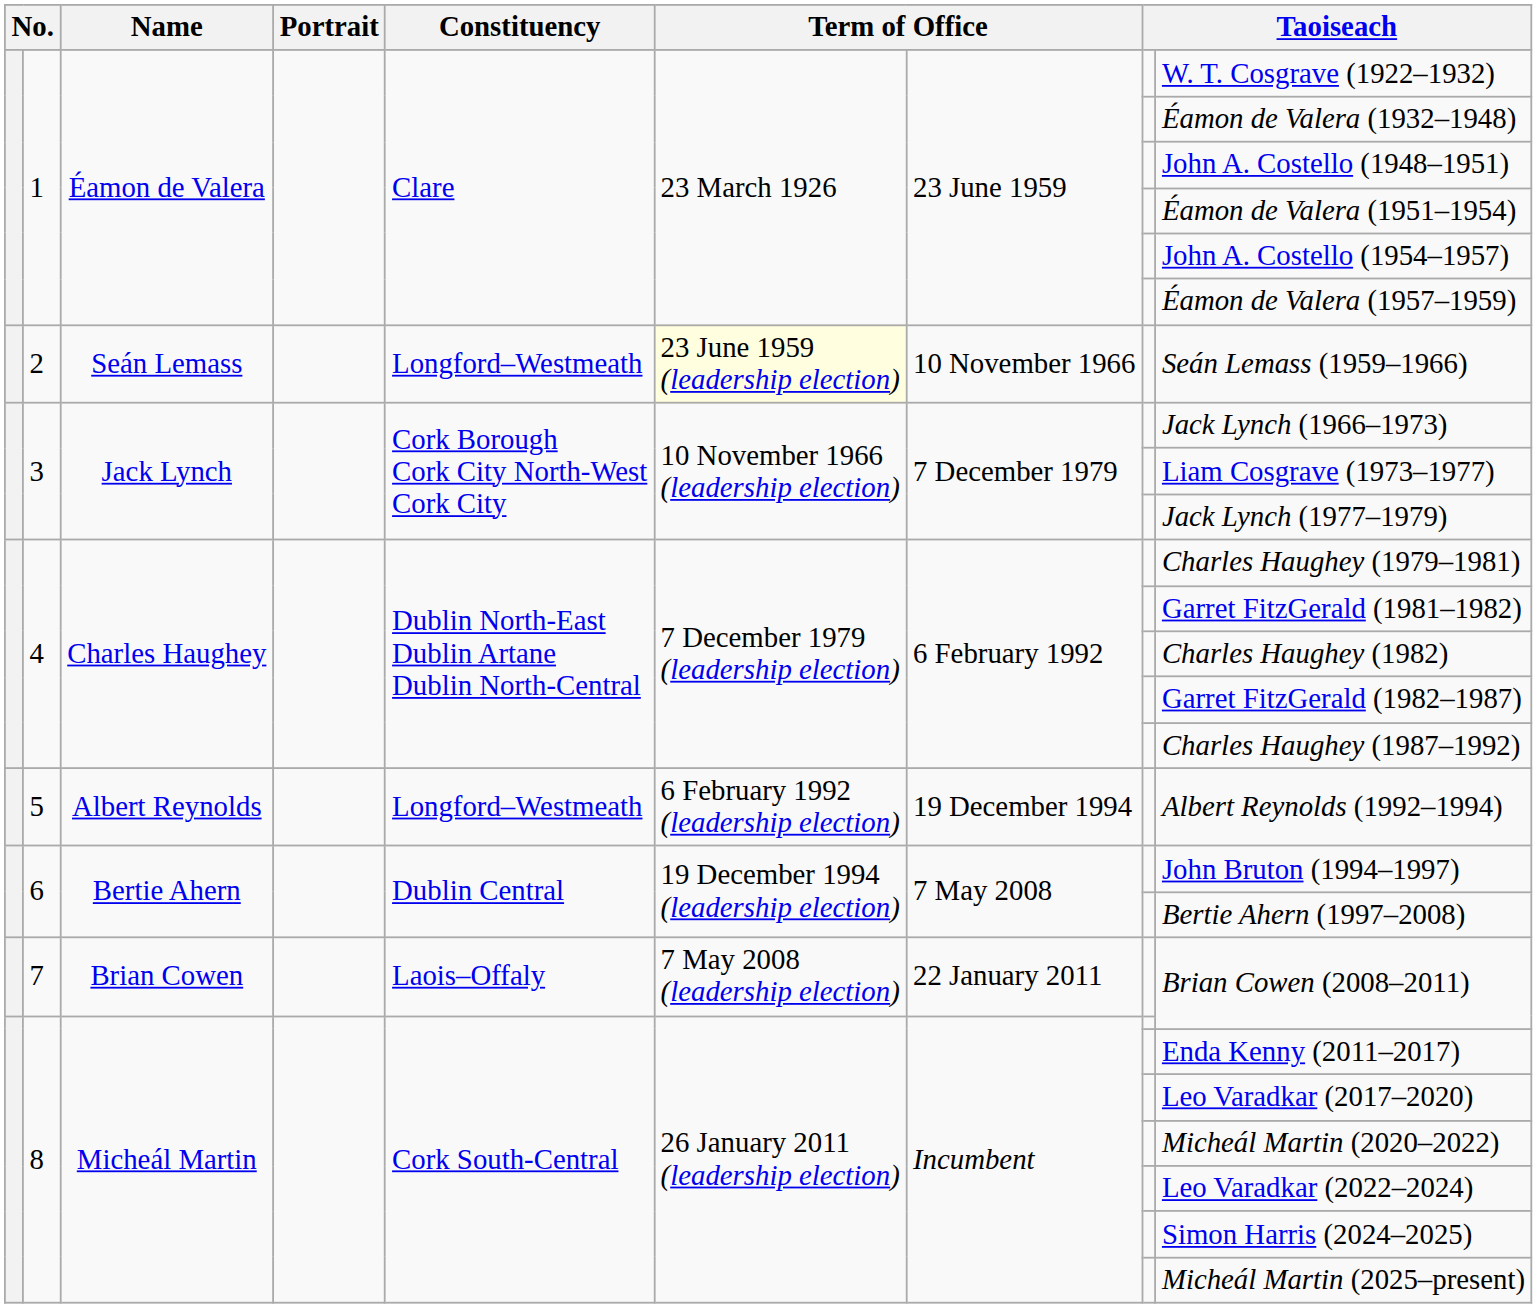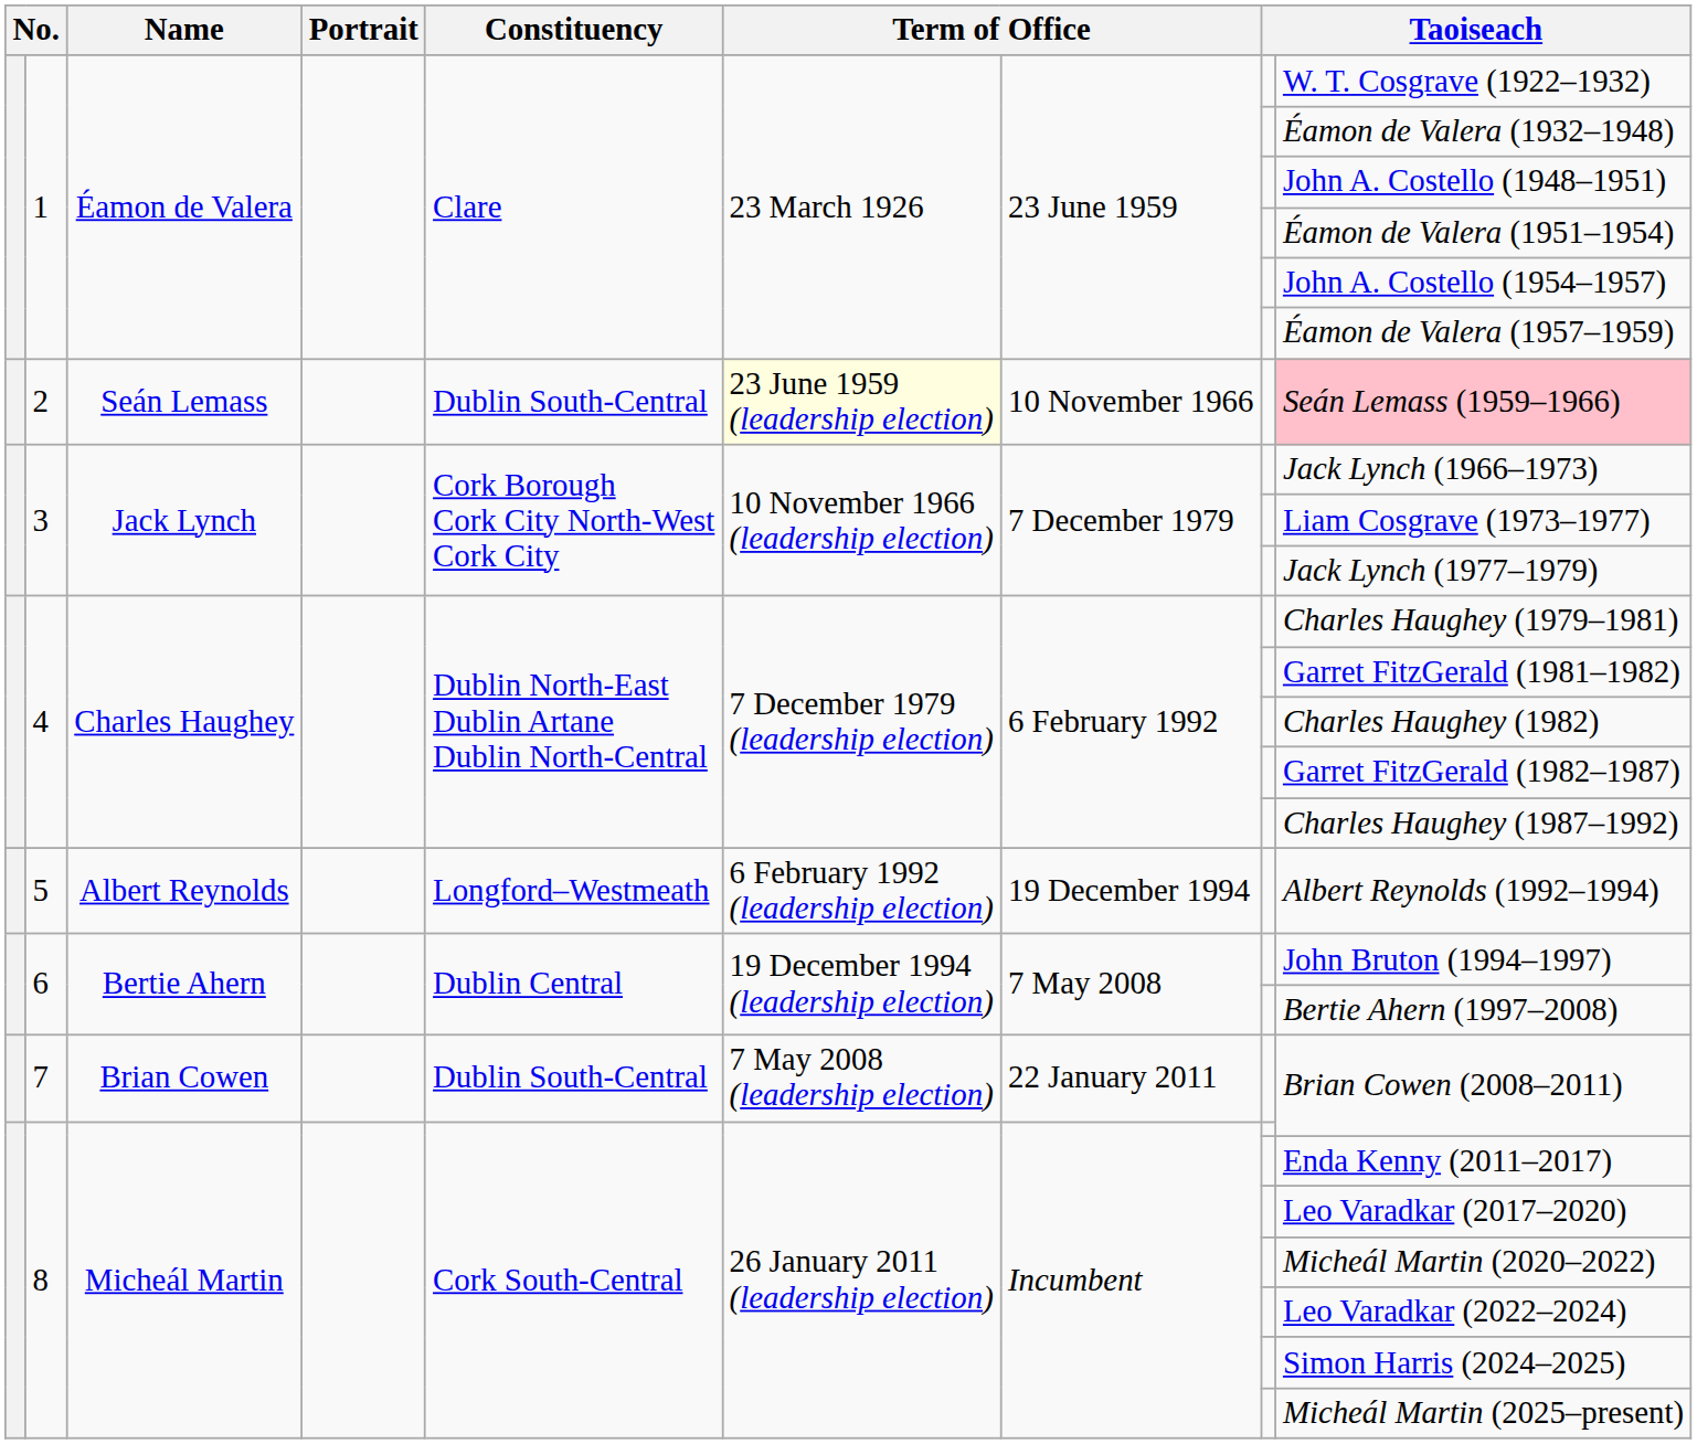 <table class="wikitable">
 <tr>
 <th colspan=2>No.</th>
 <th>Name</th>
 <th>Portrait</th>
 <th>Constituency</th>
 <th colspan=2>Term of Office</th>
 <th colspan=2><a href='#'>Taoiseach</a></th>
 </tr>
 <tr>
 <th rowspan=6 style="background-color: "></th>
 <td rowspan=6>1</td>
 <td rowspan=6 style="text-align:center;"><a href='#'>Éamon de Valera</a></td>
 <td rowspan=6></td>
 <td rowspan=6><a href='#'>Clare</a></td>
 <td rowspan=6>23 March 1926</td>
 <td rowspan=6>23 June 1959</td>
 <td style="background-color: "></td>
 <td><a href='#'>W. T. Cosgrave</a> (1922–1932)</td>
 </tr>
 <tr>
 <td style="background-color: "></td>
 <td><em>Éamon de Valera</em> (1932–1948)</td>
 </tr>
 <tr>
 <td style="background-color: "></td>
 <td><a href='#'>John A. Costello</a> (1948–1951)</td>
 </tr>
 <tr>
 <td style="background-color: "></td>
 <td><em>Éamon de Valera</em> (1951–1954)</td>
 </tr>
 <tr>
 <td style="background-color: "></td>
 <td><a href='#'>John A. Costello</a> (1954–1957)</td>
 </tr>
 <tr>
 <td style="background-color: "></td>
 <td><em>Éamon de Valera</em> (1957–1959)</td>
 </tr>
 <tr>
 <th style="background-color: "></th>
 <td>2</td>
 <td align=center><a href='#'>Seán Lemass</a></td>
 <td></td>
-<td><a href='#'>Longford–Westmeath</a></td>
+<td><a href='#'>Dublin South-Central</a></td>
 <td style="background: lightyellow;">23 June 1959<br><em>(<a href='#'>leadership election</a>)</em></td>
 <td>10 November 1966</td>
 <td style="background-color: "></td>
-<td><em>Seán Lemass</em> (1959–1966)</td>
+<td style="background: pink;"><em>Seán Lemass</em> (1959–1966)</td>
 </tr>
 <tr>
 <th rowspan=3 style="background-color: "></th>
 <td rowspan=3>3</td>
 <td rowspan=3 style="text-align:center;"><a href='#'>Jack Lynch</a></td>
 <td rowspan=3></td>
 <td rowspan=3><a href='#'>Cork Borough</a> <br><a href='#'>Cork City North-West</a> <br><a href='#'>Cork City</a> </td>
 <td rowspan=3>10 November 1966<br><em>(<a href='#'>leadership election</a>)</em></td>
 <td rowspan=3>7 December 1979</td>
 <td style="background-color: "></td>
 <td><em>Jack Lynch</em> (1966–1973)</td>
 </tr>
 <tr>
 <td style="background-color: "></td>
 <td><a href='#'>Liam Cosgrave</a> (1973–1977)</td>
 </tr>
 <tr>
 <td style="background-color: "></td>
 <td><em>Jack Lynch</em> (1977–1979)</td>
 </tr>
 <tr>
 <th rowspan=5 style="background-color: "></th>
 <td rowspan=5>4</td>
 <td rowspan=5 style="text-align:center;"><a href='#'>Charles Haughey</a></td>
 <td rowspan=5></td>
 <td rowspan=5><a href='#'>Dublin North-East</a> <br><a href='#'>Dublin Artane</a> <br><a href='#'>Dublin North-Central</a> </td>
 <td rowspan=5>7 December 1979<br><em>(<a href='#'>leadership election</a>)</em></td>
 <td rowspan=5>6 February 1992</td>
 <td style="background-color: "></td>
 <td><em>Charles Haughey</em> (1979–1981)</td>
 </tr>
 <tr>
 <td style="background-color: "></td>
 <td><a href='#'>Garret FitzGerald</a> (1981–1982)</td>
 </tr>
 <tr>
 <td style="background-color: "></td>
 <td><em>Charles Haughey</em> (1982)</td>
 </tr>
 <tr>
 <td style="background-color: "></td>
 <td><a href='#'>Garret FitzGerald</a> (1982–1987)</td>
 </tr>
 <tr>
 <td style="background-color: "></td>
 <td><em>Charles Haughey</em> (1987–1992)</td>
 </tr>
 <tr>
 <th style="background-color: "></th>
 <td>5</td>
 <td align=center><a href='#'>Albert Reynolds</a></td>
 <td></td>
 <td><a href='#'>Longford–Westmeath</a></td>
 <td>6 February 1992<br><em>(<a href='#'>leadership election</a>)</em></td>
 <td>19 December 1994</td>
 <td style="background-color: "></td>
 <td><em>Albert Reynolds</em> (1992–1994)</td>
 </tr>
 <tr>
 <th rowspan=2 style="background-color: "></th>
 <td rowspan=2>6</td>
 <td rowspan=2 style="text-align:center;"><a href='#'>Bertie Ahern</a></td>
 <td rowspan=2></td>
 <td rowspan=2><a href='#'>Dublin Central</a></td>
 <td rowspan=2>19 December 1994<br><em>(<a href='#'>leadership election</a>)</em></td>
 <td rowspan=2>7 May 2008</td>
 <td style="background-color: "></td>
 <td><a href='#'>John Bruton</a> (1994–1997)</td>
 </tr>
 <tr>
 <td style="background-color: "></td>
 <td><em>Bertie Ahern</em> (1997–2008)</td>
 </tr>
 <tr>
 <th style="background-color: "></th>
 <td>7</td>
 <td align=center><a href='#'>Brian Cowen</a></td>
 <td></td>
-<td><a href='#'>Laois–Offaly</a></td>
+<td><a href='#'>Dublin South-Central</a></td>
 <td>7 May 2008<br><em>(<a href='#'>leadership election</a>)</em></td>
 <td>22 January 2011</td>
 <td style="background-color: "></td>
 <td rowspan=2><em>Brian Cowen</em> (2008–2011)</td>
 </tr>
 <tr>
 <th rowspan=7 style="background-color: "></th>
 <td rowspan=7>8</td>
 <td rowspan=7 style="text-align:center;"><a href='#'>Micheál Martin</a></td>
 <td rowspan=7></td>
 <td rowspan=7><a href='#'>Cork South-Central</a></td>
 <td rowspan=7>26 January 2011<br><em>(<a href='#'>leadership election</a>)</em></td>
 <td rowspan=7><em>Incumbent</em></td>
 <td style="background-color: "></td>
 </tr>
 <tr>
 <td style="background-color: "></td>
 <td><a href='#'>Enda Kenny</a> (2011–2017)</td>
 </tr>
 <tr>
 <td style="background-color: "></td>
 <td><a href='#'>Leo Varadkar</a> (2017–2020)</td>
 </tr>
 <tr>
 <td style="background-color: "></td>
 <td><em>Micheál Martin</em> (2020–2022)</td>
 </tr>
 <tr>
 <td style="background-color: "></td>
 <td><a href='#'>Leo Varadkar</a> (2022–2024)</td>
 </tr>
 <tr>
 <td style="background-color: "></td>
 <td><a href='#'>Simon Harris</a> (2024–2025)</td>
 </tr>
 <tr>
 <td style="background-color: "></td>
 <td><em>Micheál Martin</em> (2025–present)</td>
 </tr>
 </table>
